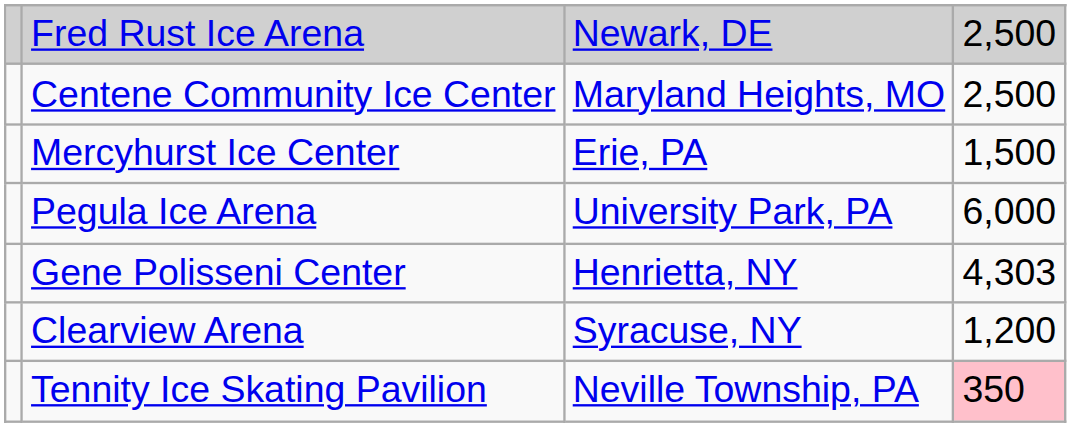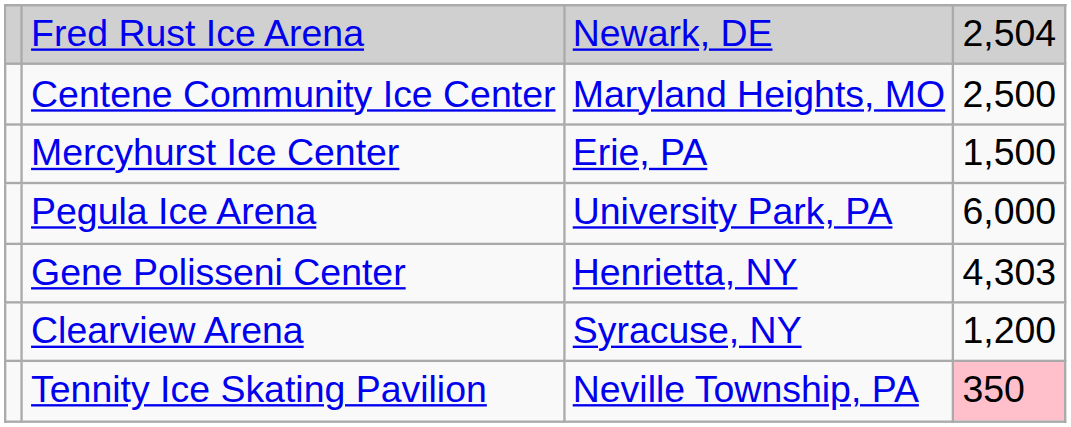 <table class="wikitable">
 <tr>
 </tr>
 <tr bgcolor=d0d0d0>
 <td><a href='#'></a></td>
 <td><a href='#'>Fred Rust Ice Arena</a></td>
 <td><a href='#'>Newark, DE</a></td>
-<td>2,500</td>
+<td>2,504</td>
 </tr>
 <tr>
 <td><a href='#'></a></td>
 <td><a href='#'>Centene Community Ice Center</a></td>
 <td><a href='#'>Maryland Heights, MO</a></td>
 <td>2,500</td>
 </tr>
 <tr>
 <td><a href='#'></a></td>
 <td><a href='#'>Mercyhurst Ice Center</a></td>
 <td><a href='#'>Erie, PA</a></td>
 <td>1,500</td>
 </tr>
 <tr>
 <td><a href='#'></a></td>
 <td><a href='#'>Pegula Ice Arena</a></td>
 <td><a href='#'>University Park, PA</a></td>
 <td>6,000</td>
 </tr>
 <tr>
 <td><a href='#'></a></td>
 <td><a href='#'>Gene Polisseni Center</a></td>
 <td><a href='#'>Henrietta, NY</a></td>
 <td>4,303</td>
 </tr>
 <tr>
 <td><a href='#'></a></td>
 <td><a href='#'>Clearview Arena</a></td>
 <td><a href='#'>Syracuse, NY</a></td>
 <td>1,200</td>
 </tr>
 <tr>
 <td><a href='#'></a></td>
 <td><a href='#'>Tennity Ice Skating Pavilion</a></td>
 <td><a href='#'>Neville Township, PA</a></td>
 <td style="background: pink;">350</td>
 </tr>
 </table>
